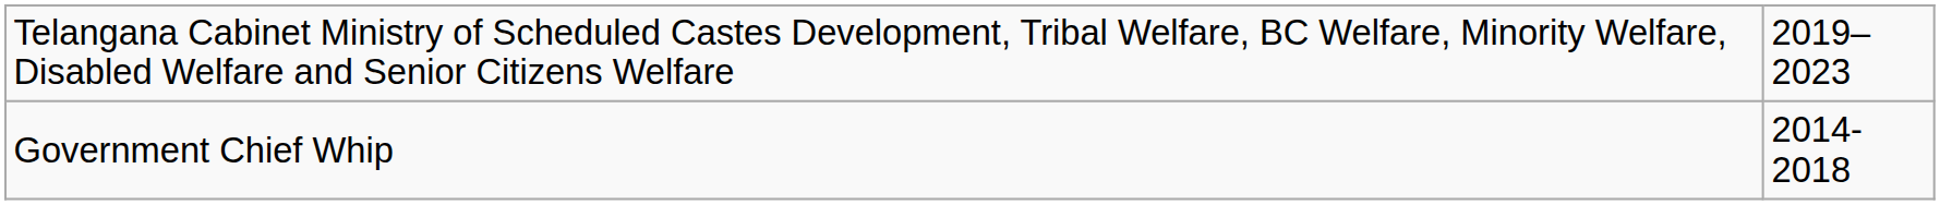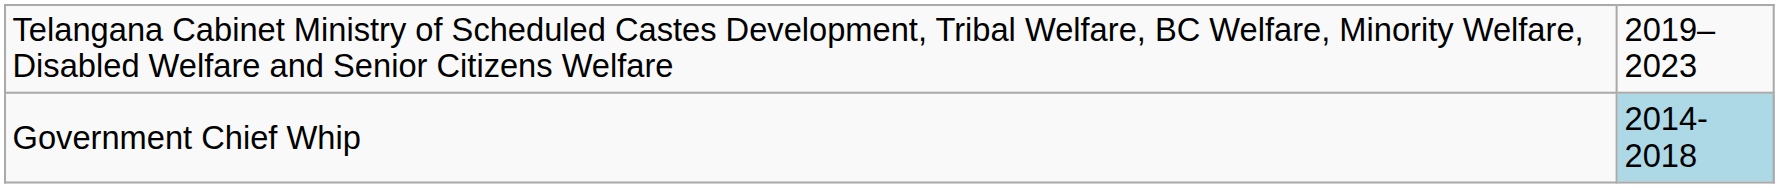 <table class="wikitable">
 <tr>
 <td>Telangana Cabinet Ministry of Scheduled Castes Development, Tribal Welfare, BC Welfare, Minority Welfare, Disabled Welfare and Senior Citizens Welfare</td>
 <td>2019–2023</td>
 </tr>
 <tr>
 <td>Government Chief Whip</td>
-<td>2014-  2018</td>
+<td style="background: lightblue;">2014-  2018</td>
 </tr>
 </table>
